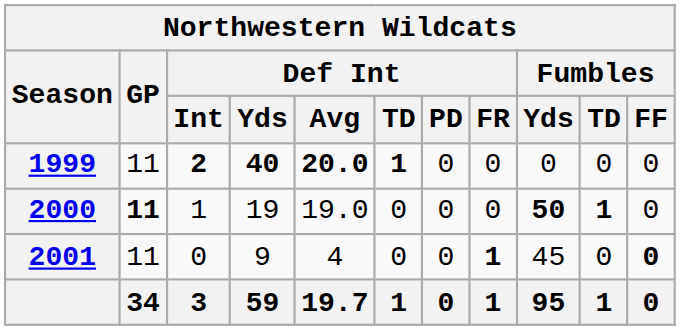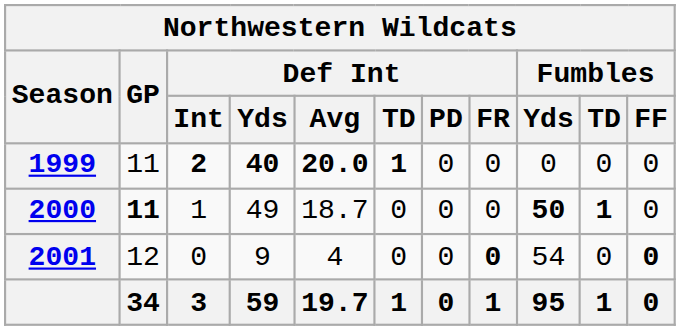 <table class="wikitable" style="text-align:center;">
 <tr>
 <th colspan="16">Northwestern Wildcats</th>
 </tr>
 <tr>
 <th rowspan="2">Season</th>
 <th rowspan="2">GP</th>
 <th colspan="6">Def Int</th>
 <th colspan="4">Fumbles</th>
 </tr>
 <tr>
 <th>Int</th>
 <th>Yds</th>
 <th>Avg</th>
 <th>TD</th>
 <th>PD</th>
 <th>FR</th>
 <th>Yds</th>
 <th>TD</th>
 <th>FF</th>
 </tr>
 <tr>
 <th><a href='#'>1999</a></th>
 <td>11</td>
 <td><strong>2</strong></td>
 <td><strong>40</strong></td>
 <td><strong>20.0</strong></td>
 <td><strong>1</strong></td>
 <td>0</td>
 <td>0</td>
 <td>0</td>
 <td>0</td>
 <td>0</td>
 </tr>
 <tr>
 <th><a href='#'>2000</a></th>
 <td><strong>11</strong></td>
 <td>1</td>
-<td>19</td>
-<td>19.0</td>
+<td>49</td>
+<td>18.7</td>
 <td>0</td>
 <td>0</td>
 <td>0</td>
 <td><strong>50</strong></td>
 <td><strong>1</strong></td>
 <td>0</td>
 </tr>
 <tr>
 <th><a href='#'>2001</a></th>
-<td>11</td>
+<td>12</td>
 <td>0</td>
 <td>9</td>
 <td>4</td>
 <td>0</td>
 <td>0</td>
-<td><strong>1</strong></td>
-<td>45</td>
+<td><strong>0</strong></td>
+<td>54</td>
 <td>0</td>
 <td><strong>0</strong></td>
 </tr>
 <tr>
 <th></th>
 <th>34</th>
 <th>3</th>
 <th>59</th>
 <th>19.7</th>
 <th>1</th>
 <th>0</th>
 <th>1</th>
 <th>95</th>
 <th>1</th>
 <th>0</th>
 </tr>
 </table>
